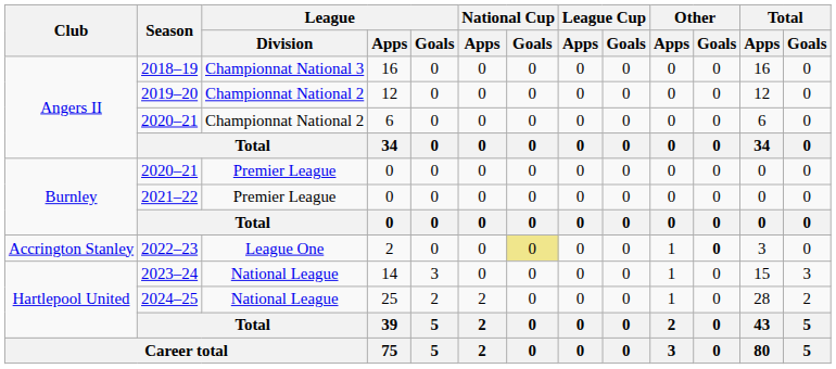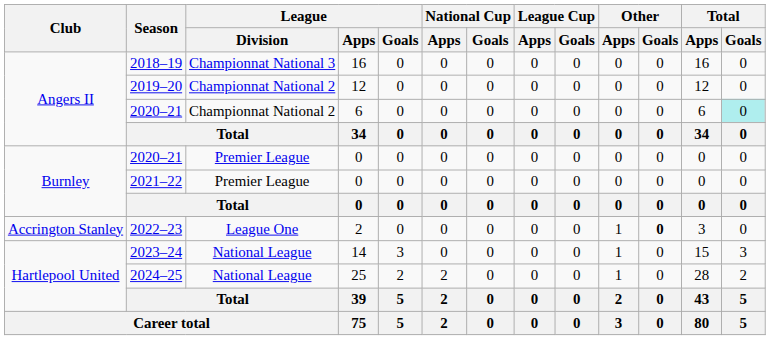 <table class=wikitable style="text-align: center">
 <tr>
 <th rowspan=2>Club</th>
 <th rowspan=2>Season</th>
 <th colspan=3>League</th>
 <th colspan=2>National Cup</th>
 <th colspan=2>League Cup</th>
 <th colspan=2>Other</th>
 <th colspan=2>Total</th>
 </tr>
 <tr>
 <th>Division</th>
 <th>Apps</th>
 <th>Goals</th>
 <th>Apps</th>
 <th>Goals</th>
 <th>Apps</th>
 <th>Goals</th>
 <th>Apps</th>
 <th>Goals</th>
 <th>Apps</th>
 <th>Goals</th>
 </tr>
 <tr>
 <td rowspan="4"><a href='#'>Angers II</a></td>
 <td><a href='#'>2018–19</a></td>
 <td><a href='#'>Championnat National 3</a></td>
 <td>16</td>
 <td>0</td>
 <td>0</td>
 <td>0</td>
 <td>0</td>
 <td>0</td>
 <td>0</td>
 <td>0</td>
 <td>16</td>
 <td>0</td>
 </tr>
 <tr>
 <td><a href='#'>2019–20</a></td>
 <td><a href='#'>Championnat National 2</a></td>
 <td>12</td>
 <td>0</td>
 <td>0</td>
 <td>0</td>
 <td>0</td>
 <td>0</td>
 <td>0</td>
 <td>0</td>
 <td>12</td>
 <td>0</td>
 </tr>
 <tr>
 <td><a href='#'>2020–21</a></td>
 <td>Championnat National 2</td>
 <td>6</td>
 <td>0</td>
 <td>0</td>
 <td>0</td>
 <td>0</td>
 <td>0</td>
 <td>0</td>
 <td>0</td>
 <td>6</td>
-<td>0</td>
+<td style="background: paleturquoise;">0</td>
 </tr>
 <tr>
 <th colspan="2">Total</th>
 <th>34</th>
 <th>0</th>
 <th>0</th>
 <th>0</th>
 <th>0</th>
 <th>0</th>
 <th>0</th>
 <th>0</th>
 <th>34</th>
 <th>0</th>
 </tr>
 <tr>
 <td rowspan="3"><a href='#'>Burnley</a></td>
 <td><a href='#'>2020–21</a></td>
 <td><a href='#'>Premier League</a></td>
 <td>0</td>
 <td>0</td>
 <td>0</td>
 <td>0</td>
 <td>0</td>
 <td>0</td>
 <td>0</td>
 <td>0</td>
 <td>0</td>
 <td>0</td>
 </tr>
 <tr>
 <td><a href='#'>2021–22</a></td>
 <td>Premier League</td>
 <td>0</td>
 <td>0</td>
 <td>0</td>
 <td>0</td>
 <td>0</td>
 <td>0</td>
 <td>0</td>
 <td>0</td>
 <td>0</td>
 <td>0</td>
 </tr>
 <tr>
 <th colspan="2">Total</th>
 <th>0</th>
 <th>0</th>
 <th>0</th>
 <th>0</th>
 <th>0</th>
 <th>0</th>
 <th>0</th>
 <th>0</th>
 <th>0</th>
 <th>0</th>
 </tr>
 <tr>
 <td><a href='#'>Accrington Stanley</a></td>
 <td><a href='#'>2022–23</a></td>
 <td><a href='#'>League One</a></td>
 <td>2</td>
 <td>0</td>
 <td>0</td>
-<td style="background: khaki;">0</td>
+<td>0</td>
 <td>0</td>
 <td>0</td>
 <td>1</td>
 <td><strong>0</strong></td>
 <td>3</td>
 <td>0</td>
 </tr>
 <tr>
 <td rowspan="3"><a href='#'>Hartlepool United</a></td>
 <td><a href='#'>2023–24</a></td>
 <td><a href='#'>National League</a></td>
 <td>14</td>
 <td>3</td>
 <td>0</td>
 <td>0</td>
 <td>0</td>
 <td>0</td>
 <td>1</td>
 <td>0</td>
 <td>15</td>
 <td>3</td>
 </tr>
 <tr>
 <td><a href='#'>2024–25</a></td>
 <td><a href='#'>National League</a></td>
 <td>25</td>
 <td>2</td>
 <td>2</td>
 <td>0</td>
 <td>0</td>
 <td>0</td>
 <td>1</td>
 <td>0</td>
 <td>28</td>
 <td>2</td>
 </tr>
 <tr>
 <th colspan="2">Total</th>
 <th>39</th>
 <th>5</th>
 <th>2</th>
 <th>0</th>
 <th>0</th>
 <th>0</th>
 <th>2</th>
 <th>0</th>
 <th>43</th>
 <th>5</th>
 </tr>
 <tr>
 <th colspan="3">Career total</th>
 <th>75</th>
 <th>5</th>
 <th>2</th>
 <th>0</th>
 <th>0</th>
 <th>0</th>
 <th>3</th>
 <th>0</th>
 <th>80</th>
 <th>5</th>
 </tr>
 </table>
